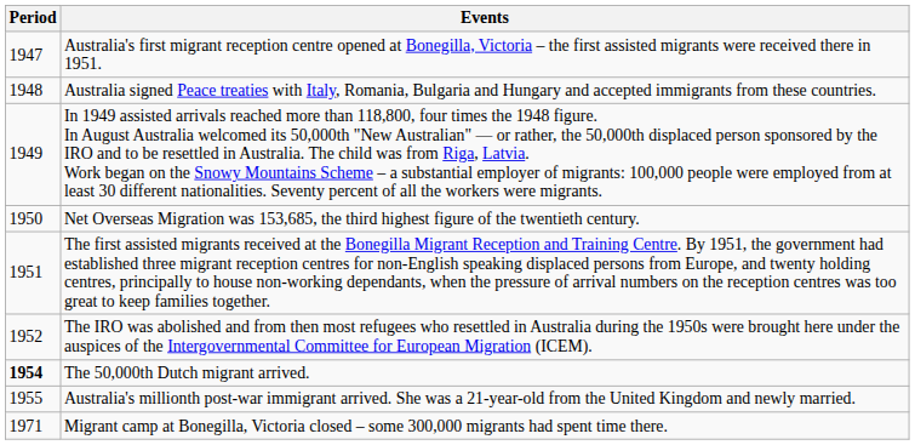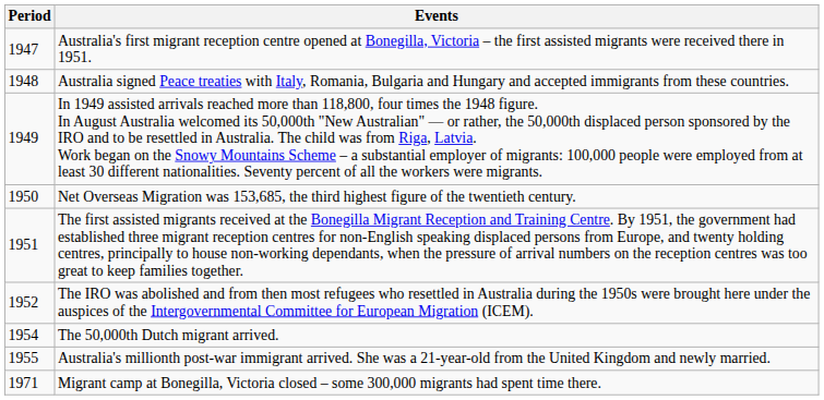 <table class="wikitable">
 <tr>
 <th>Period</th>
 <th>Events</th>
 </tr>
 <tr>
 <td>1947</td>
 <td>Australia's first migrant reception centre opened at <a href='#'>Bonegilla, Victoria</a> – the first assisted migrants were received there in 1951.</td>
 </tr>
 <tr>
 <td>1948</td>
 <td>Australia signed <a href='#'>Peace treaties</a> with <a href='#'>Italy</a>, Romania, Bulgaria and Hungary and accepted immigrants from these countries.</td>
 </tr>
 <tr>
 <td>1949</td>
 <td>In 1949 assisted arrivals reached more than 118,800, four times the 1948 figure.<br>In August Australia welcomed its 50,000th "New Australian" — or rather, the 50,000th displaced person sponsored by the IRO and to be resettled in Australia. The child was from <a href='#'>Riga</a>, <a href='#'>Latvia</a>.<br>Work began on the <a href='#'>Snowy Mountains Scheme</a> – a substantial employer of migrants: 100,000 people were employed from at least 30 different nationalities. Seventy percent of all the workers were migrants.</td>
 </tr>
 <tr>
 <td>1950</td>
 <td>Net Overseas Migration was 153,685, the third highest figure of the twentieth century.</td>
 </tr>
 <tr>
 <td>1951</td>
 <td>The first assisted migrants received at the <a href='#'>Bonegilla Migrant Reception and Training Centre</a>. By 1951, the government had established three migrant reception centres for non-English speaking displaced persons from Europe, and twenty holding centres, principally to house non-working dependants, when the pressure of arrival numbers on the reception centres was too great to keep families together.</td>
 </tr>
 <tr>
 <td>1952</td>
 <td>The IRO was abolished and from then most refugees who resettled in Australia during the 1950s were brought here under the auspices of the <a href='#'>Intergovernmental Committee for European Migration</a> (ICEM).</td>
 </tr>
 <tr>
-<td><strong>1954</strong></td>
+<td>1954</td>
 <td>The 50,000th Dutch migrant arrived.</td>
 </tr>
 <tr>
 <td>1955</td>
 <td>Australia's millionth post-war immigrant arrived. She was a 21-year-old from the United Kingdom and newly married.</td>
 </tr>
 <tr>
 <td>1971</td>
 <td>Migrant camp at Bonegilla, Victoria closed – some 300,000 migrants had spent time there.</td>
 </tr>
 </table>
